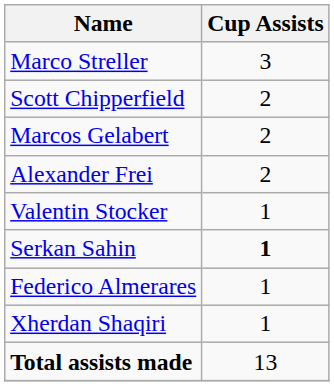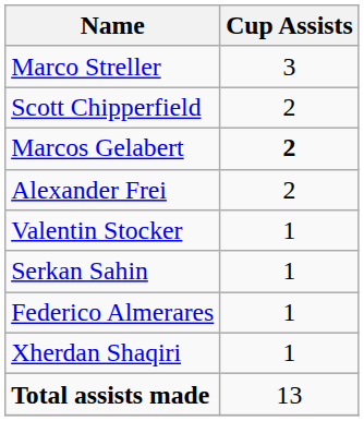 <table class="wikitable">
 <tr>
 <th>Name</th>
 <th>Cup Assists</th>
 </tr>
 <tr>
 <td> <a href='#'>Marco Streller</a></td>
 <td style="text-align:center;">3</td>
 </tr>
 <tr>
 <td> <a href='#'>Scott Chipperfield</a></td>
 <td style="text-align:center;">2</td>
 </tr>
 <tr>
 <td> <a href='#'>Marcos Gelabert</a></td>
-<td style="text-align:center;">2</td>
+<td style="text-align:center;"><strong>2</strong></td>
 </tr>
 <tr>
 <td> <a href='#'>Alexander Frei</a></td>
 <td style="text-align:center;">2</td>
 </tr>
 <tr>
 <td> <a href='#'>Valentin Stocker</a></td>
 <td style="text-align:center;">1</td>
 </tr>
 <tr>
 <td> <a href='#'>Serkan Sahin</a></td>
-<td style="text-align:center;"><strong>1</strong></td>
+<td style="text-align:center;">1</td>
 </tr>
 <tr>
 <td> <a href='#'>Federico Almerares</a></td>
 <td style="text-align:center;">1</td>
 </tr>
 <tr>
 <td> <a href='#'>Xherdan Shaqiri</a></td>
 <td style="text-align:center;">1</td>
 </tr>
 <tr>
 <td><strong>Total assists made</strong></td>
 <td style="text-align:center;">13</td>
 </tr>
 <tr>
 </tr>
 </table>
